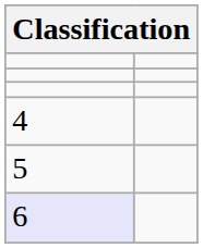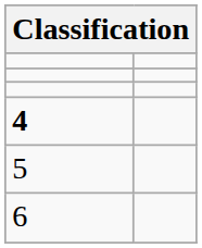 <table class="wikitable" font-size: 90%;>
 <tr>
 <th colspan=2>Classification</th>
 </tr>
 <tr valign="top">
 <td></td>
 <td></td>
 </tr>
 <tr>
 <td></td>
 <td></td>
 </tr>
 <tr>
 <td></td>
 <td></td>
 </tr>
 <tr>
-<td>4</td>
+<td><strong>4</strong></td>
 <td></td>
 </tr>
 <tr>
 <td>5</td>
 <td></td>
 </tr>
 <tr>
-<td style="background: lavender;">6</td>
+<td>6</td>
 <td></td>
 </tr>
 </table>
